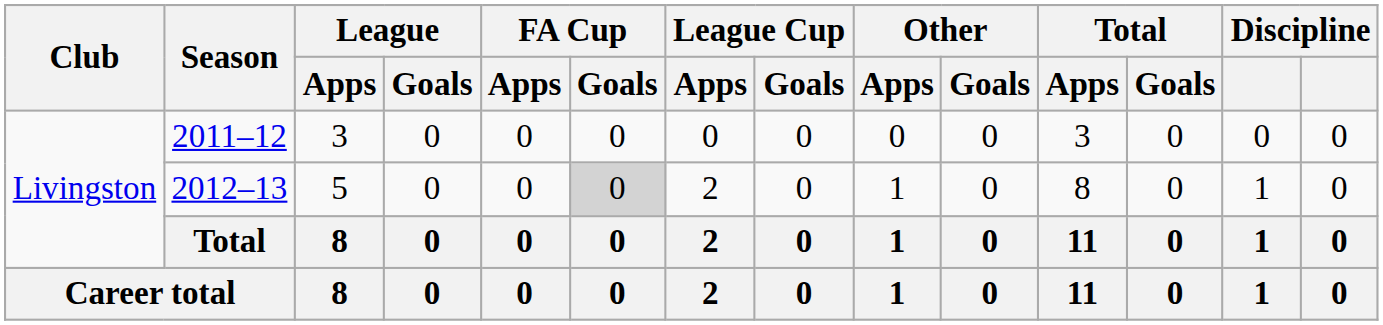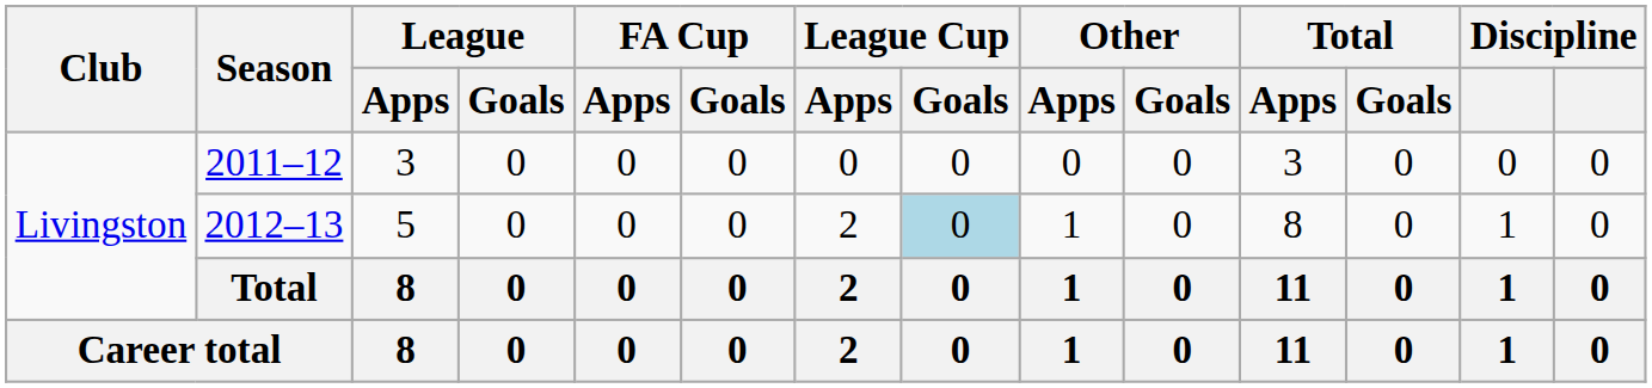 <table class="wikitable" style="text-align: center;">
 <tr>
 <th rowspan="2">Club</th>
 <th rowspan="2">Season</th>
 <th colspan="2">League</th>
 <th colspan="2">FA Cup</th>
 <th colspan="2">League Cup</th>
 <th colspan="2">Other</th>
 <th colspan="2">Total</th>
 <th colspan="2">Discipline</th>
 </tr>
 <tr>
 <th>Apps</th>
 <th>Goals</th>
 <th>Apps</th>
 <th>Goals</th>
 <th>Apps</th>
 <th>Goals</th>
 <th>Apps</th>
 <th>Goals</th>
 <th>Apps</th>
 <th>Goals</th>
 <th></th>
 <th></th>
 </tr>
 <tr>
 <td rowspan="3" valign="center"><a href='#'>Livingston</a></td>
 <td><a href='#'>2011–12</a></td>
 <td>3</td>
 <td>0</td>
 <td>0</td>
 <td>0</td>
 <td>0</td>
 <td>0</td>
 <td>0</td>
 <td>0</td>
 <td>3</td>
 <td>0</td>
 <td>0</td>
 <td>0</td>
 </tr>
 <tr>
 <td><a href='#'>2012–13</a></td>
 <td>5</td>
 <td>0</td>
 <td>0</td>
-<td style="background: lightgrey;">0</td>
+<td>0</td>
 <td>2</td>
-<td>0</td>
+<td style="background: lightblue;">0</td>
 <td>1</td>
 <td>0</td>
 <td>8</td>
 <td>0</td>
 <td>1</td>
 <td>0</td>
 </tr>
 <tr>
 <th>Total</th>
 <th>8</th>
 <th>0</th>
 <th>0</th>
 <th>0</th>
 <th>2</th>
 <th>0</th>
 <th>1</th>
 <th>0</th>
 <th>11</th>
 <th>0</th>
 <th>1</th>
 <th>0</th>
 </tr>
 <tr>
 <th colspan="2">Career total</th>
 <th>8</th>
 <th>0</th>
 <th>0</th>
 <th>0</th>
 <th>2</th>
 <th>0</th>
 <th>1</th>
 <th>0</th>
 <th>11</th>
 <th>0</th>
 <th>1</th>
 <th>0</th>
 </tr>
 </table>
